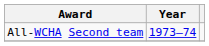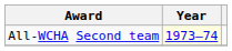 <table class="wikitable">
 <tr>
 <th>Award</th>
 <th>Year</th>
 <th></th>
 </tr>
 <tr>
 <td>All-<a href='#'>WCHA</a> <a href='#'>Second team</a></td>
-<td><a href='#'>1973–74</a></td>
+<td style="background: lightyellow;"><a href='#'>1973–74</a></td>
 <td></td>
 </tr>
 <tr>
 </tr>
 </table>
